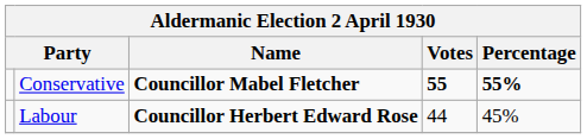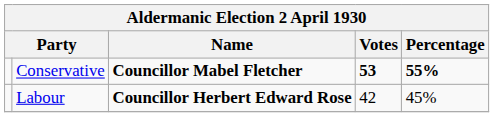 <table class="wikitable">
 <tr>
 <th colspan="5"><strong>Aldermanic Election 2 April 1930</strong></th>
 </tr>
 <tr>
 <th colspan="2">Party</th>
 <th>Name</th>
 <th>Votes</th>
 <th>Percentage</th>
 </tr>
 <tr>
 <td style="background-color:"></td>
 <td><a href='#'>Conservative</a></td>
 <td><strong>Councillor Mabel Fletcher</strong></td>
-<td><strong>55</strong></td>
+<td><strong>53</strong></td>
 <td><strong>55%</strong></td>
 </tr>
 <tr>
 <td style="background-color:"></td>
 <td><a href='#'>Labour</a></td>
 <td><strong>Councillor Herbert Edward Rose</strong></td>
-<td>44</td>
+<td>42</td>
 <td>45%</td>
 </tr>
 <tr>
 </tr>
 </table>
